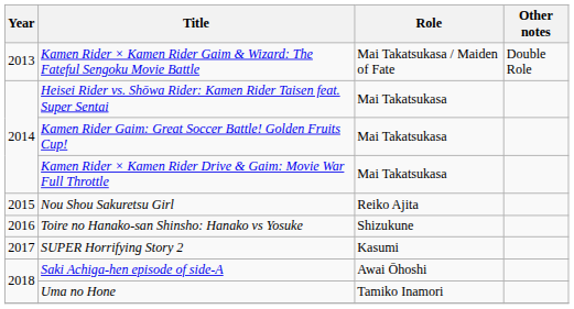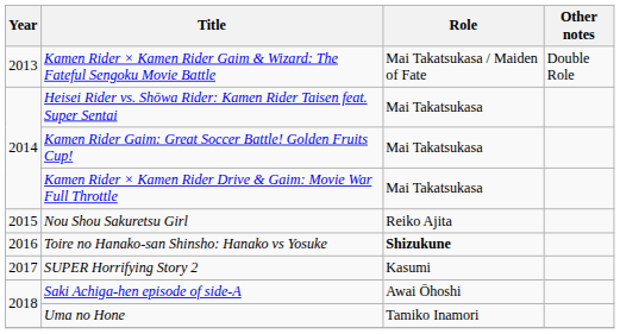 <table class="wikitable" style="font-size: 90%;">
 <tr>
 <th>Year</th>
 <th>Title</th>
 <th>Role</th>
 <th>Other notes</th>
 </tr>
 <tr>
 <td>2013</td>
 <td><em><a href='#'>Kamen Rider × Kamen Rider Gaim & Wizard: The Fateful Sengoku Movie Battle</a></em></td>
 <td>Mai Takatsukasa / Maiden of Fate</td>
 <td>Double Role</td>
 </tr>
 <tr>
 <td rowspan="3">2014</td>
 <td><em><a href='#'>Heisei Rider vs. Shōwa Rider: Kamen Rider Taisen feat. Super Sentai</a></em></td>
 <td>Mai Takatsukasa</td>
 <td></td>
 </tr>
 <tr>
 <td><em><a href='#'>Kamen Rider Gaim: Great Soccer Battle! Golden Fruits Cup!</a></em></td>
 <td>Mai Takatsukasa</td>
 <td></td>
 </tr>
 <tr>
 <td><em><a href='#'>Kamen Rider × Kamen Rider Drive & Gaim: Movie War Full Throttle</a></em></td>
 <td>Mai Takatsukasa</td>
 <td></td>
 </tr>
 <tr>
 <td>2015</td>
 <td><em>Nou Shou Sakuretsu Girl</em></td>
 <td>Reiko Ajita</td>
 <td></td>
 </tr>
 <tr>
 <td>2016</td>
 <td><em>Toire no Hanako-san Shinsho: Hanako vs Yosuke</em></td>
-<td>Shizukune</td>
+<td><strong>Shizukune</strong></td>
 <td></td>
 </tr>
 <tr>
 <td>2017</td>
 <td><em>SUPER Horrifying Story 2</em></td>
 <td>Kasumi</td>
 <td></td>
 </tr>
 <tr>
 <td rowspan="2">2018</td>
 <td><em><a href='#'>Saki Achiga-hen episode of side-A</a></em></td>
 <td>Awai Ōhoshi</td>
 <td></td>
 </tr>
 <tr>
 <td><em>Uma no Hone</em></td>
 <td>Tamiko Inamori</td>
 <td></td>
 </tr>
 <tr>
 </tr>
 </table>
